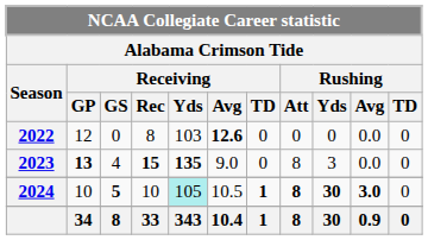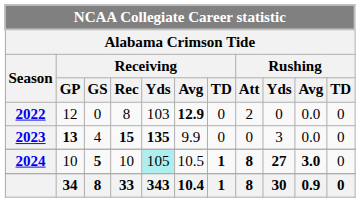 <table class=wikitable style="text-align:center;">
 <tr>
 <th colspan="11" style="background:gray; border:2px solid silver; color:white;">NCAA Collegiate Career statistic</th>
 </tr>
 <tr>
 <th colspan="11">Alabama Crimson Tide</th>
 </tr>
 <tr>
 <th rowspan="2">Season</th>
 <th colspan="6">Receiving</th>
 <th colspan="4">Rushing</th>
 </tr>
 <tr>
 <th>GP</th>
 <th>GS</th>
 <th>Rec</th>
 <th>Yds</th>
 <th>Avg</th>
 <th>TD</th>
 <th>Att</th>
 <th>Yds</th>
 <th>Avg</th>
 <th>TD</th>
 </tr>
 <tr>
 <th><a href='#'>2022</a></th>
 <td>12</td>
 <td>0</td>
 <td>8</td>
 <td>103</td>
-<td><strong>12.6</strong></td>
+<td><strong>12.9</strong></td>
 <td>0</td>
-<td>0</td>
+<td>2</td>
 <td>0</td>
 <td>0.0</td>
 <td>0</td>
 </tr>
 <tr>
 <th><a href='#'>2023</a></th>
 <td><strong>13</strong></td>
 <td>4</td>
 <td><strong>15</strong></td>
 <td><strong>135</strong></td>
-<td>9.0</td>
+<td>9.9</td>
 <td>0</td>
-<td>8</td>
+<td>0</td>
 <td>3</td>
 <td>0.0</td>
 <td>0</td>
 </tr>
 <tr>
 </tr>
 <tr>
 <th><a href='#'>2024</a></th>
 <td>10</td>
 <td><strong>5</strong></td>
 <td>10</td>
 <td style="background: paleturquoise;">105</td>
 <td>10.5</td>
 <td><strong>1</strong></td>
 <td><strong>8</strong></td>
-<td><strong>30</strong></td>
+<td><strong>27</strong></td>
 <td><strong>3.0</strong></td>
 <td>0</td>
 </tr>
 <tr>
 </tr>
 <tr>
 <th></th>
 <th>34</th>
 <th>8</th>
 <th>33</th>
 <th>343</th>
 <th>10.4</th>
 <th>1</th>
 <th>8</th>
 <th>30</th>
 <th>0.9</th>
 <th>0</th>
 </tr>
 </table>
